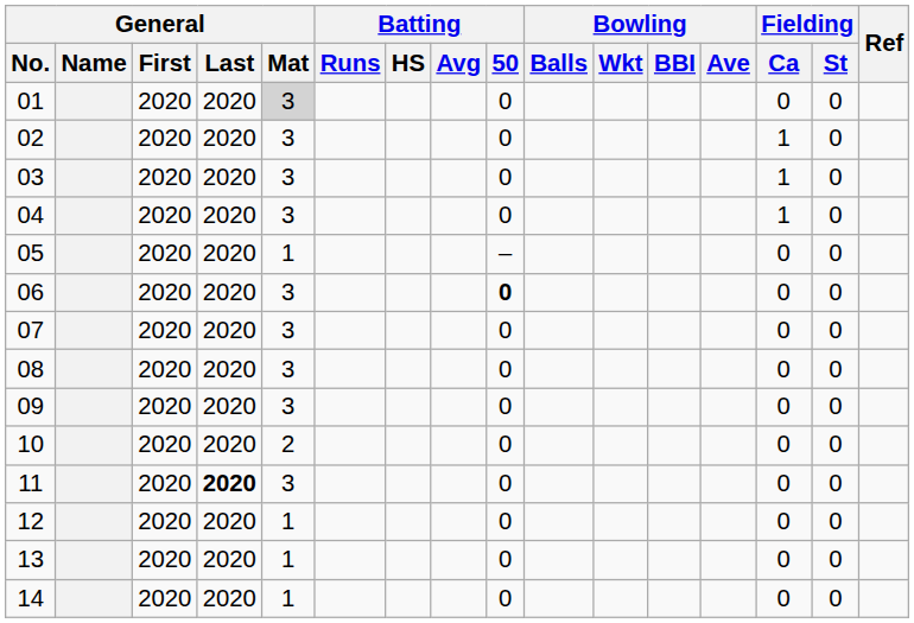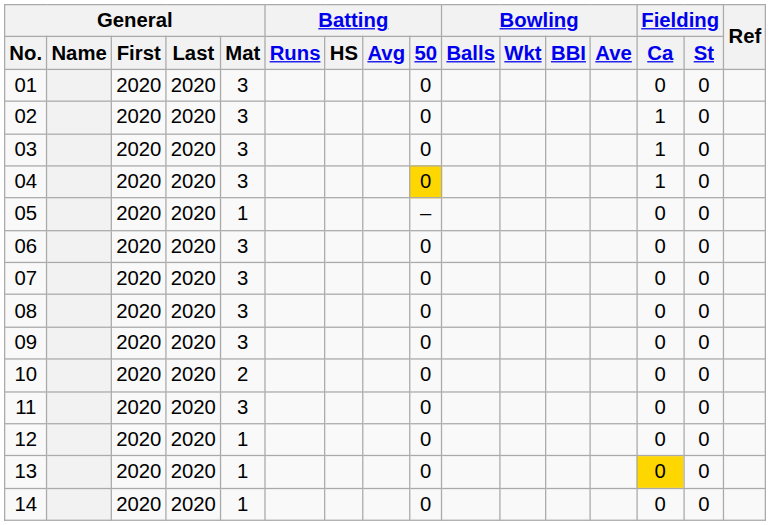 <table class="wikitable plainrowheaders sortable">
 <tr align="center">
 <th scope="col" colspan=5 class="unsortable">General</th>
 <th scope="col" colspan=4 class="unsortable"><a href='#'>Batting</a></th>
 <th scope="col" colspan=4 class="unsortable"><a href='#'>Bowling</a></th>
 <th scope="col" colspan=2 class="unsortable"><a href='#'>Fielding</a></th>
 <th scope="col" rowspan=2 class="unsortable">Ref</th>
 </tr>
 <tr align="center">
 <th scope="col">No.</th>
 <th scope="col">Name</th>
 <th scope="col">First</th>
 <th scope="col">Last</th>
 <th scope="col">Mat</th>
 <th scope="col"><a href='#'>Runs</a></th>
 <th scope="col">HS</th>
 <th scope="col"><a href='#'>Avg</a></th>
 <th scope="col"><a href='#'>50</a></th>
 <th scope="col"><a href='#'>Balls</a></th>
 <th scope="col"><a href='#'>Wkt</a></th>
 <th scope="col"><a href='#'>BBI</a></th>
 <th scope="col"><a href='#'>Ave</a></th>
 <th scope="col"><a href='#'>Ca</a></th>
 <th scope="col"><a href='#'>St</a></th>
 </tr>
 <tr align="center">
 <td><span>0</span>1</td>
 <th scope="row" align="left"></th>
 <td>2020</td>
 <td>2020</td>
-<td style="background: lightgrey;">3</td>
+<td>3</td>
 <td></td>
 <td></td>
 <td></td>
 <td>0</td>
 <td></td>
 <td></td>
 <td></td>
 <td></td>
 <td>0</td>
 <td>0</td>
 <td></td>
 </tr>
 <tr align="center">
 <td><span>0</span>2</td>
 <th scope="row" align="left"></th>
 <td>2020</td>
 <td>2020</td>
 <td>3</td>
 <td></td>
 <td></td>
 <td></td>
 <td>0</td>
 <td></td>
 <td></td>
 <td></td>
 <td></td>
 <td>1</td>
 <td>0</td>
 <td></td>
 </tr>
 <tr align="center">
 <td><span>0</span>3</td>
 <th scope="row" align="left"></th>
 <td>2020</td>
 <td>2020</td>
 <td>3</td>
 <td></td>
 <td></td>
 <td></td>
 <td>0</td>
 <td></td>
 <td></td>
 <td></td>
 <td></td>
 <td>1</td>
 <td>0</td>
 <td></td>
 </tr>
 <tr align="center">
 <td><span>0</span>4</td>
 <th scope="row" align="left"></th>
 <td>2020</td>
 <td>2020</td>
 <td>3</td>
 <td></td>
 <td></td>
 <td></td>
-<td>0</td>
+<td style="background: gold;">0</td>
 <td></td>
 <td></td>
 <td></td>
 <td></td>
 <td>1</td>
 <td>0</td>
 <td></td>
 </tr>
 <tr align="center">
 <td><span>0</span>5</td>
 <th scope="row" align="left"></th>
 <td>2020</td>
 <td>2020</td>
 <td>1</td>
 <td></td>
 <td></td>
 <td></td>
 <td>–</td>
 <td></td>
 <td></td>
 <td></td>
 <td></td>
 <td>0</td>
 <td>0</td>
 <td></td>
 </tr>
 <tr align="center">
 <td><span>0</span>6</td>
 <th scope="row" align="left"></th>
 <td>2020</td>
 <td>2020</td>
 <td>3</td>
 <td></td>
 <td></td>
 <td></td>
-<td><strong>0</strong></td>
+<td>0</td>
 <td></td>
 <td></td>
 <td></td>
 <td></td>
 <td>0</td>
 <td>0</td>
 <td></td>
 </tr>
 <tr align="center">
 <td><span>0</span>7</td>
 <th scope="row" align="left"></th>
 <td>2020</td>
 <td>2020</td>
 <td>3</td>
 <td></td>
 <td></td>
 <td></td>
 <td>0</td>
 <td></td>
 <td></td>
 <td></td>
 <td></td>
 <td>0</td>
 <td>0</td>
 <td></td>
 </tr>
 <tr align="center">
 <td><span>0</span>8</td>
 <th scope="row" align="left"></th>
 <td>2020</td>
 <td>2020</td>
 <td>3</td>
 <td></td>
 <td></td>
 <td></td>
 <td>0</td>
 <td></td>
 <td></td>
 <td></td>
 <td></td>
 <td>0</td>
 <td>0</td>
 <td></td>
 </tr>
 <tr align="center">
 <td><span>0</span>9</td>
 <th scope="row" align="left"></th>
 <td>2020</td>
 <td>2020</td>
 <td>3</td>
 <td></td>
 <td></td>
 <td></td>
 <td>0</td>
 <td></td>
 <td></td>
 <td></td>
 <td></td>
 <td>0</td>
 <td>0</td>
 <td></td>
 </tr>
 <tr align="center">
 <td>10</td>
 <th scope="row" align="left"></th>
 <td>2020</td>
 <td>2020</td>
 <td>2</td>
 <td></td>
 <td></td>
 <td></td>
 <td>0</td>
 <td></td>
 <td></td>
 <td></td>
 <td></td>
 <td>0</td>
 <td>0</td>
 <td></td>
 </tr>
 <tr align="center">
 <td>11</td>
 <th scope="row" align="left"></th>
 <td>2020</td>
-<td><strong>2020</strong></td>
+<td>2020</td>
 <td>3</td>
 <td></td>
 <td></td>
 <td></td>
 <td>0</td>
 <td></td>
 <td></td>
 <td></td>
 <td></td>
 <td>0</td>
 <td>0</td>
 <td></td>
 </tr>
 <tr align="center">
 <td>12</td>
 <th scope="row" align="left"></th>
 <td>2020</td>
 <td>2020</td>
 <td>1</td>
 <td></td>
 <td></td>
 <td></td>
 <td>0</td>
 <td></td>
 <td></td>
 <td></td>
 <td></td>
 <td>0</td>
 <td>0</td>
 <td></td>
 </tr>
 <tr align="center">
 <td>13</td>
 <th scope="row" align="left"></th>
 <td>2020</td>
 <td>2020</td>
 <td>1</td>
 <td></td>
 <td></td>
 <td></td>
 <td>0</td>
 <td></td>
 <td></td>
 <td></td>
 <td></td>
-<td>0</td>
+<td style="background: gold;">0</td>
 <td>0</td>
 <td></td>
 </tr>
 <tr align="center">
 <td>14</td>
 <th scope="row" align="left"></th>
 <td>2020</td>
 <td>2020</td>
 <td>1</td>
 <td></td>
 <td></td>
 <td></td>
 <td>0</td>
 <td></td>
 <td></td>
 <td></td>
 <td></td>
 <td>0</td>
 <td>0</td>
 <td></td>
 </tr>
 </table>
